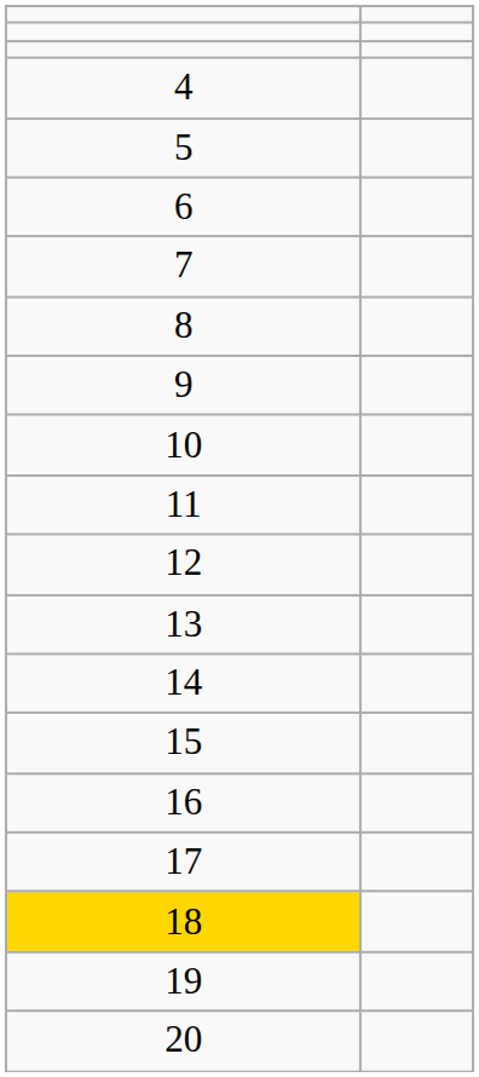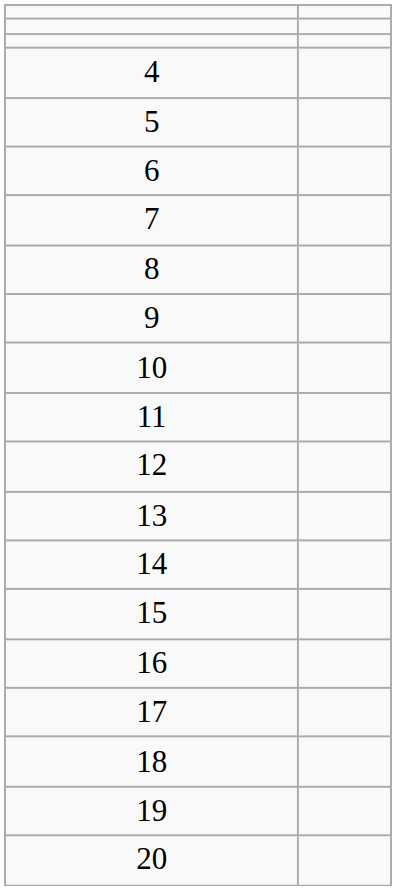 <table class="wikitable" style="width:200px;">
 <tr>
 <td align=center></td>
 <td></td>
 </tr>
 <tr>
 <td align=center></td>
 <td></td>
 </tr>
 <tr>
 <td align=center></td>
 <td></td>
 </tr>
 <tr>
 <td align=center>4</td>
 <td></td>
 </tr>
 <tr>
 <td align=center>5</td>
 <td></td>
 </tr>
 <tr>
 <td align=center>6</td>
 <td></td>
 </tr>
 <tr>
 <td align=center>7</td>
 <td></td>
 </tr>
 <tr>
 <td align=center>8</td>
 <td></td>
 </tr>
 <tr>
 <td align=center>9</td>
 <td></td>
 </tr>
 <tr>
 <td align=center>10</td>
 <td></td>
 </tr>
 <tr>
 <td align=center>11</td>
 <td></td>
 </tr>
 <tr>
 <td align=center>12</td>
 <td></td>
 </tr>
 <tr>
 <td align=center>13</td>
 <td></td>
 </tr>
 <tr>
 <td align=center>14</td>
 <td></td>
 </tr>
 <tr>
 <td align=center>15</td>
 <td></td>
 </tr>
 <tr>
 <td align=center>16</td>
 <td></td>
 </tr>
 <tr>
 <td align=center>17</td>
 <td></td>
 </tr>
 <tr>
-<td align=center style="background: gold;">18</td>
+<td align=center>18</td>
 <td></td>
 </tr>
 <tr>
 <td align=center>19</td>
 <td></td>
 </tr>
 <tr>
 <td align=center>20</td>
 <td></td>
 </tr>
 </table>
